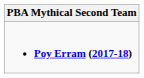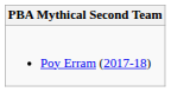 <table class=wikitable>
 <tr>
 <th>PBA Mythical Second Team</th>
 </tr>
 <tr>
-<td valign="top"><strong><br><ul><li><a href='#'>Poy Erram</a> (<a href='#'>2017-18</a>)</li></ul></strong></td>
+<td valign="top"><br><ul><li><a href='#'>Poy Erram</a> (<a href='#'>2017-18</a>)</li></ul></td>
 </tr>
 </table>
